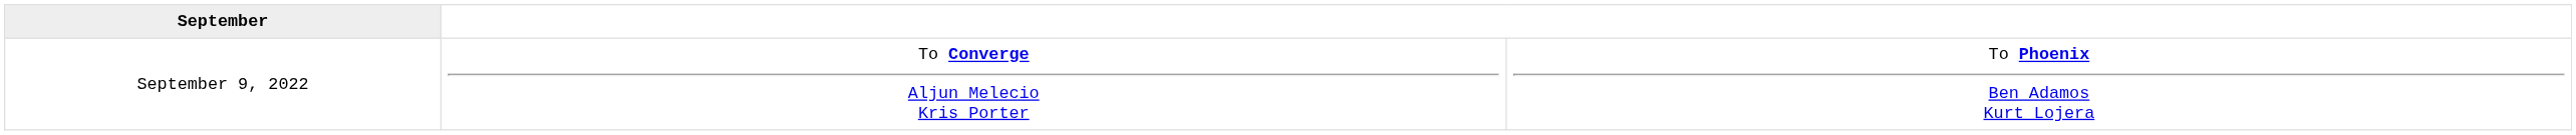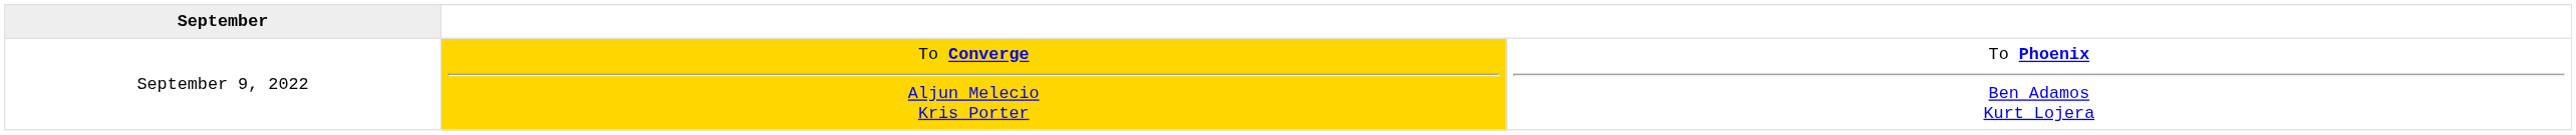 <table border=1 style="border-collapse:collapse; text-align: center; width: 100%" bordercolor="#DFDFDF"  cellpadding="5">
 <tr bgcolor="eeeeee">
 <th>September</th>
 </tr>
 <tr>
 <td style="width:12%">September 9, 2022</td>
-<td style="width:29.3%" valign="top">To <strong><a href='#'>Converge</a></strong><hr><a href='#'>Aljun Melecio</a><br><a href='#'>Kris Porter</a></td>
+<td style="background: gold; width:29.3%" valign="top">To <strong><a href='#'>Converge</a></strong><hr><a href='#'>Aljun Melecio</a><br><a href='#'>Kris Porter</a></td>
 <td style="width:29.3%" valign="top">To <strong><a href='#'>Phoenix</a></strong><hr><a href='#'>Ben Adamos</a><br><a href='#'>Kurt Lojera</a></td>
 </tr>
 </table>
